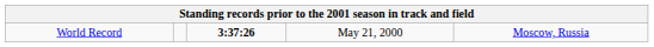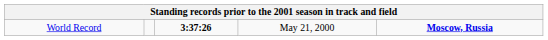 <table class="wikitable" style="text-align:center; width:100%">
 <tr>
 <th colspan="5">Standing records prior to the 2001 season in track and field</th>
 </tr>
 <tr>
 <td><a href='#'>World Record</a></td>
 <td></td>
 <td><strong>3:37:26</strong></td>
 <td>May 21, 2000</td>
-<td> <a href='#'>Moscow, Russia</a></td>
+<td><strong> <a href='#'>Moscow, Russia</a></strong></td>
 </tr>
 </table>
